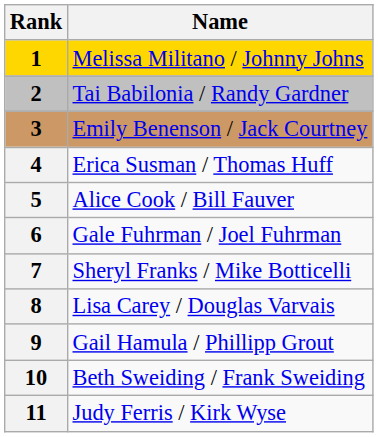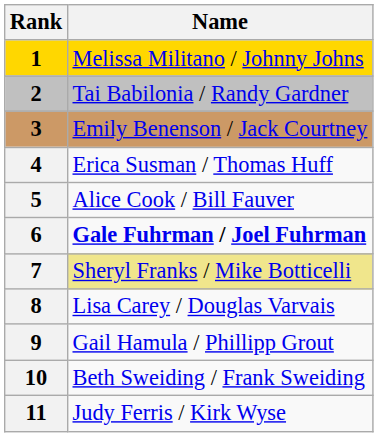 <table class="wikitable">
 <tr>
 <th>Rank</th>
 <th>Name</th>
 </tr>
 <tr bgcolor="gold">
 <td align="center"><strong>1</strong></td>
 <td><a href='#'>Melissa Militano</a> / <a href='#'>Johnny Johns</a></td>
 </tr>
 <tr bgcolor="silver">
 <td align="center"><strong>2</strong></td>
 <td><a href='#'>Tai Babilonia</a> / <a href='#'>Randy Gardner</a></td>
 </tr>
 <tr bgcolor="cc9966">
 <td align="center"><strong>3</strong></td>
 <td><a href='#'>Emily Benenson</a> / <a href='#'>Jack Courtney</a></td>
 </tr>
 <tr>
 <th>4</th>
 <td><a href='#'>Erica Susman</a> / <a href='#'>Thomas Huff</a></td>
 </tr>
 <tr>
 <th>5</th>
 <td><a href='#'>Alice Cook</a> / <a href='#'>Bill Fauver</a></td>
 </tr>
 <tr>
 <th>6</th>
-<td><a href='#'>Gale Fuhrman</a> / <a href='#'>Joel Fuhrman</a></td>
+<td><strong><a href='#'>Gale Fuhrman</a> / <a href='#'>Joel Fuhrman</a></strong></td>
 </tr>
 <tr>
 <th>7</th>
-<td><a href='#'>Sheryl Franks</a> / <a href='#'>Mike Botticelli</a></td>
+<td style="background: khaki;"><a href='#'>Sheryl Franks</a> / <a href='#'>Mike Botticelli</a></td>
 </tr>
 <tr>
 <th>8</th>
 <td><a href='#'>Lisa Carey</a> / <a href='#'>Douglas Varvais</a></td>
 </tr>
 <tr>
 <th>9</th>
 <td><a href='#'>Gail Hamula</a> / <a href='#'>Phillipp Grout</a></td>
 </tr>
 <tr>
 <th>10</th>
 <td><a href='#'>Beth Sweiding</a> / <a href='#'>Frank Sweiding</a></td>
 </tr>
 <tr>
 <th>11</th>
 <td><a href='#'>Judy Ferris</a> / <a href='#'>Kirk Wyse</a></td>
 </tr>
 </table>
